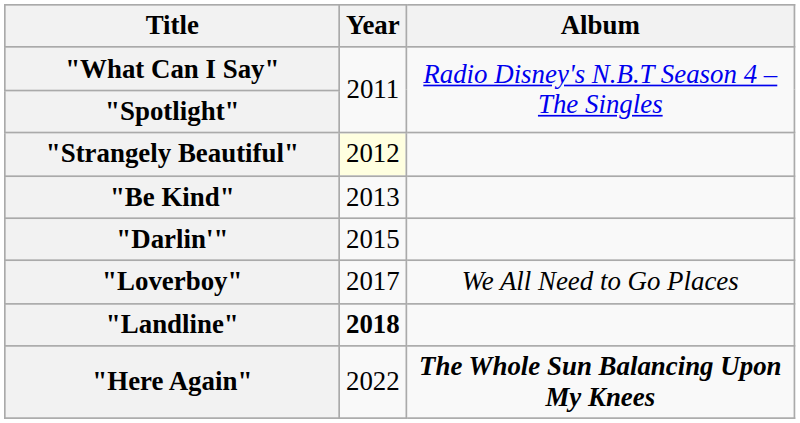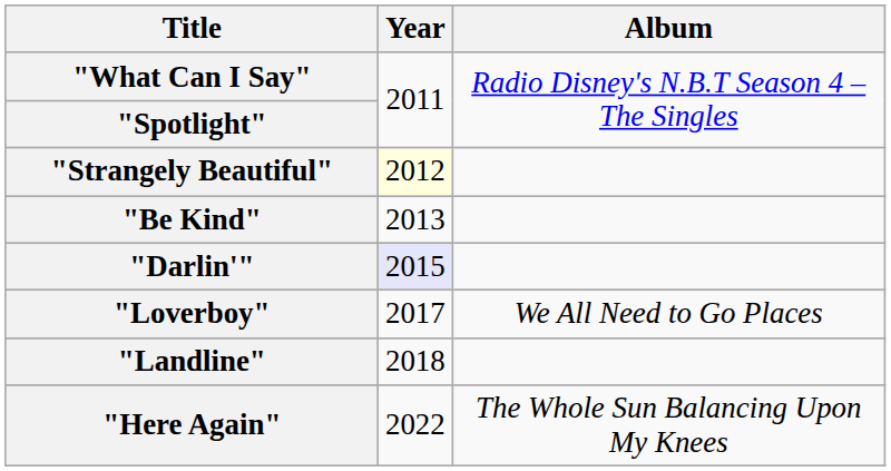 <table class="wikitable plainrowheaders" style="text-align:center;">
 <tr>
 <th scope="col" style="width:12em;">Title</th>
 <th scope="col"  style="width:1em;">Year</th>
 <th scope="col"  style="width:14em;">Album</th>
 </tr>
 <tr>
 <th scope="row">"What Can I Say"</th>
 <td rowspan="2">2011</td>
 <td rowspan="2"><em><a href='#'>Radio Disney's N.B.T Season 4 – The Singles</a></em></td>
 </tr>
 <tr>
 <th scope="row">"Spotlight"</th>
 </tr>
 <tr>
 <th scope="row">"Strangely Beautiful"</th>
 <td style="background: lightyellow;">2012</td>
 <td></td>
 </tr>
 <tr>
 <th scope="row">"Be Kind"</th>
 <td>2013</td>
 <td></td>
 </tr>
 <tr>
 <th scope="row">"Darlin'"</th>
-<td>2015</td>
+<td style="background: lavender;">2015</td>
 <td></td>
 </tr>
 <tr>
 <th scope="row">"Loverboy"</th>
 <td>2017</td>
 <td><em>We All Need to Go Places</em></td>
 </tr>
 <tr>
 <th scope="row">"Landline"</th>
-<td><strong>2018</strong></td>
+<td>2018</td>
 </tr>
 <tr>
 <th scope="row">"Here Again"</th>
 <td>2022</td>
-<td><strong><em>The Whole Sun Balancing Upon My Knees</em></strong></td>
+<td><em>The Whole Sun Balancing Upon My Knees</em></td>
 </tr>
 </table>
